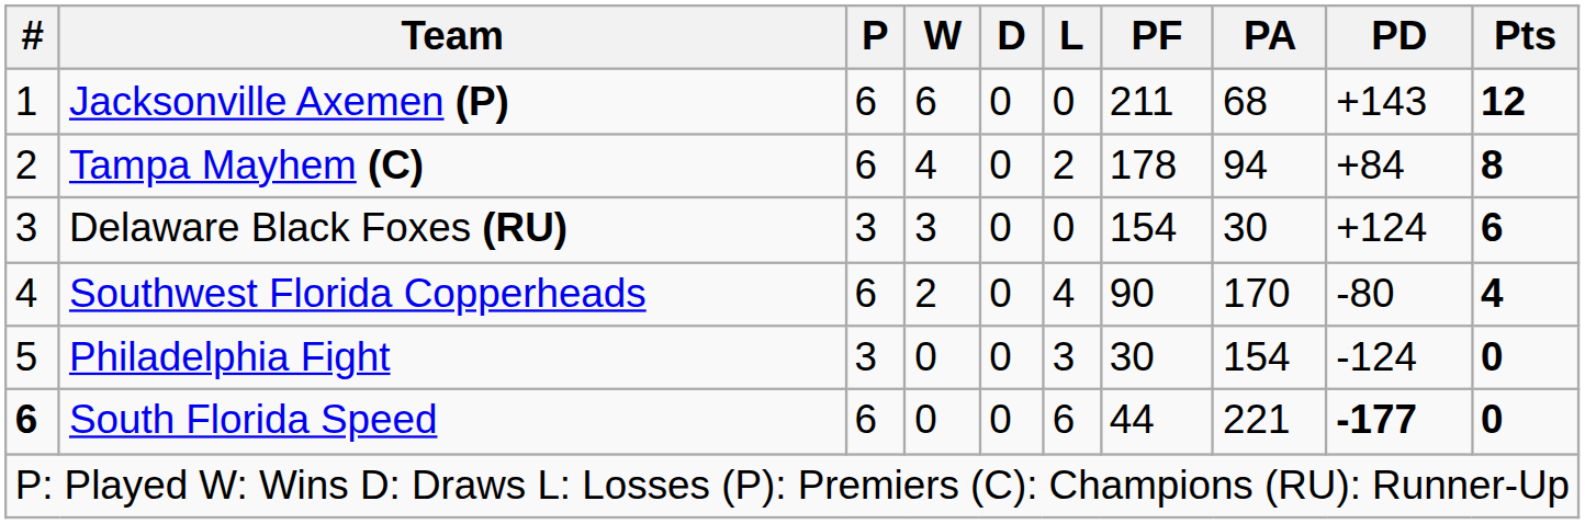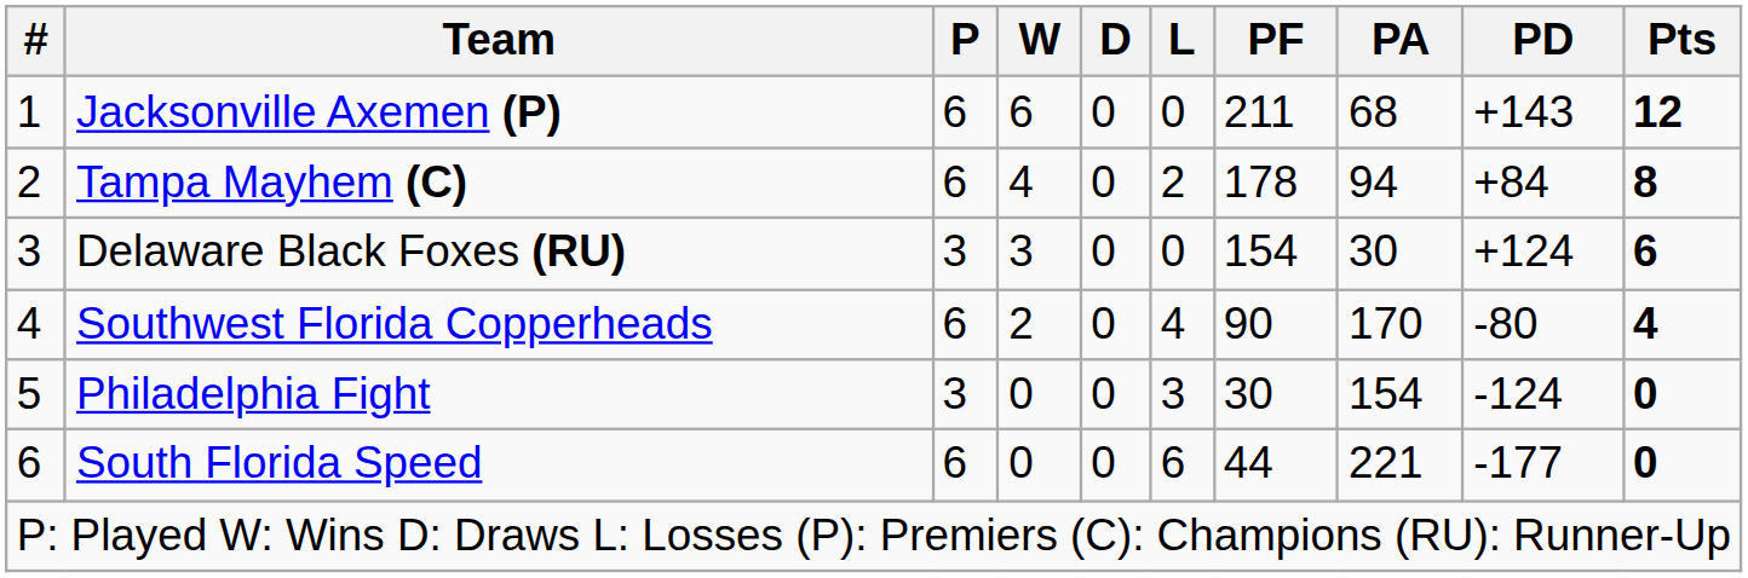 <table class="wikitable">
 <tr>
 <th>#</th>
 <th>Team</th>
 <th>P</th>
 <th>W</th>
 <th>D</th>
 <th>L</th>
 <th>PF</th>
 <th>PA</th>
 <th>PD</th>
 <th>Pts</th>
 </tr>
 <tr>
 <td>1</td>
 <td> <a href='#'>Jacksonville Axemen</a> <strong>(P)</strong></td>
 <td>6</td>
 <td>6</td>
 <td>0</td>
 <td>0</td>
 <td>211</td>
 <td>68</td>
 <td>+143</td>
 <td><strong>12</strong></td>
 </tr>
 <tr>
 <td>2</td>
 <td> <a href='#'>Tampa Mayhem</a> <strong>(C)</strong></td>
 <td>6</td>
 <td>4</td>
 <td>0</td>
 <td>2</td>
 <td>178</td>
 <td>94</td>
 <td>+84</td>
 <td><strong>8</strong></td>
 </tr>
 <tr>
 <td>3</td>
 <td> Delaware Black Foxes <strong>(RU)</strong></td>
 <td>3</td>
 <td>3</td>
 <td>0</td>
 <td>0</td>
 <td>154</td>
 <td>30</td>
 <td>+124</td>
 <td><strong>6</strong></td>
 </tr>
 <tr>
 <td>4</td>
 <td> <a href='#'>Southwest Florida Copperheads</a></td>
 <td>6</td>
 <td>2</td>
 <td>0</td>
 <td>4</td>
 <td>90</td>
 <td>170</td>
 <td>-80</td>
 <td><strong>4</strong></td>
 </tr>
 <tr>
 <td>5</td>
 <td> <a href='#'>Philadelphia Fight</a></td>
 <td>3</td>
 <td>0</td>
 <td>0</td>
 <td>3</td>
 <td>30</td>
 <td>154</td>
 <td>-124</td>
 <td><strong>0</strong></td>
 </tr>
 <tr>
-<td><strong>6</strong></td>
+<td>6</td>
 <td> <a href='#'>South Florida Speed</a></td>
 <td>6</td>
 <td>0</td>
 <td>0</td>
 <td>6</td>
 <td>44</td>
 <td>221</td>
-<td><strong>-177</strong></td>
+<td>-177</td>
 <td><strong>0</strong></td>
 </tr>
 <tr>
 <td colspan="10">P: Played W: Wins D: Draws L: Losses (P): Premiers (C): Champions (RU): Runner-Up</td>
 </tr>
 </table>
